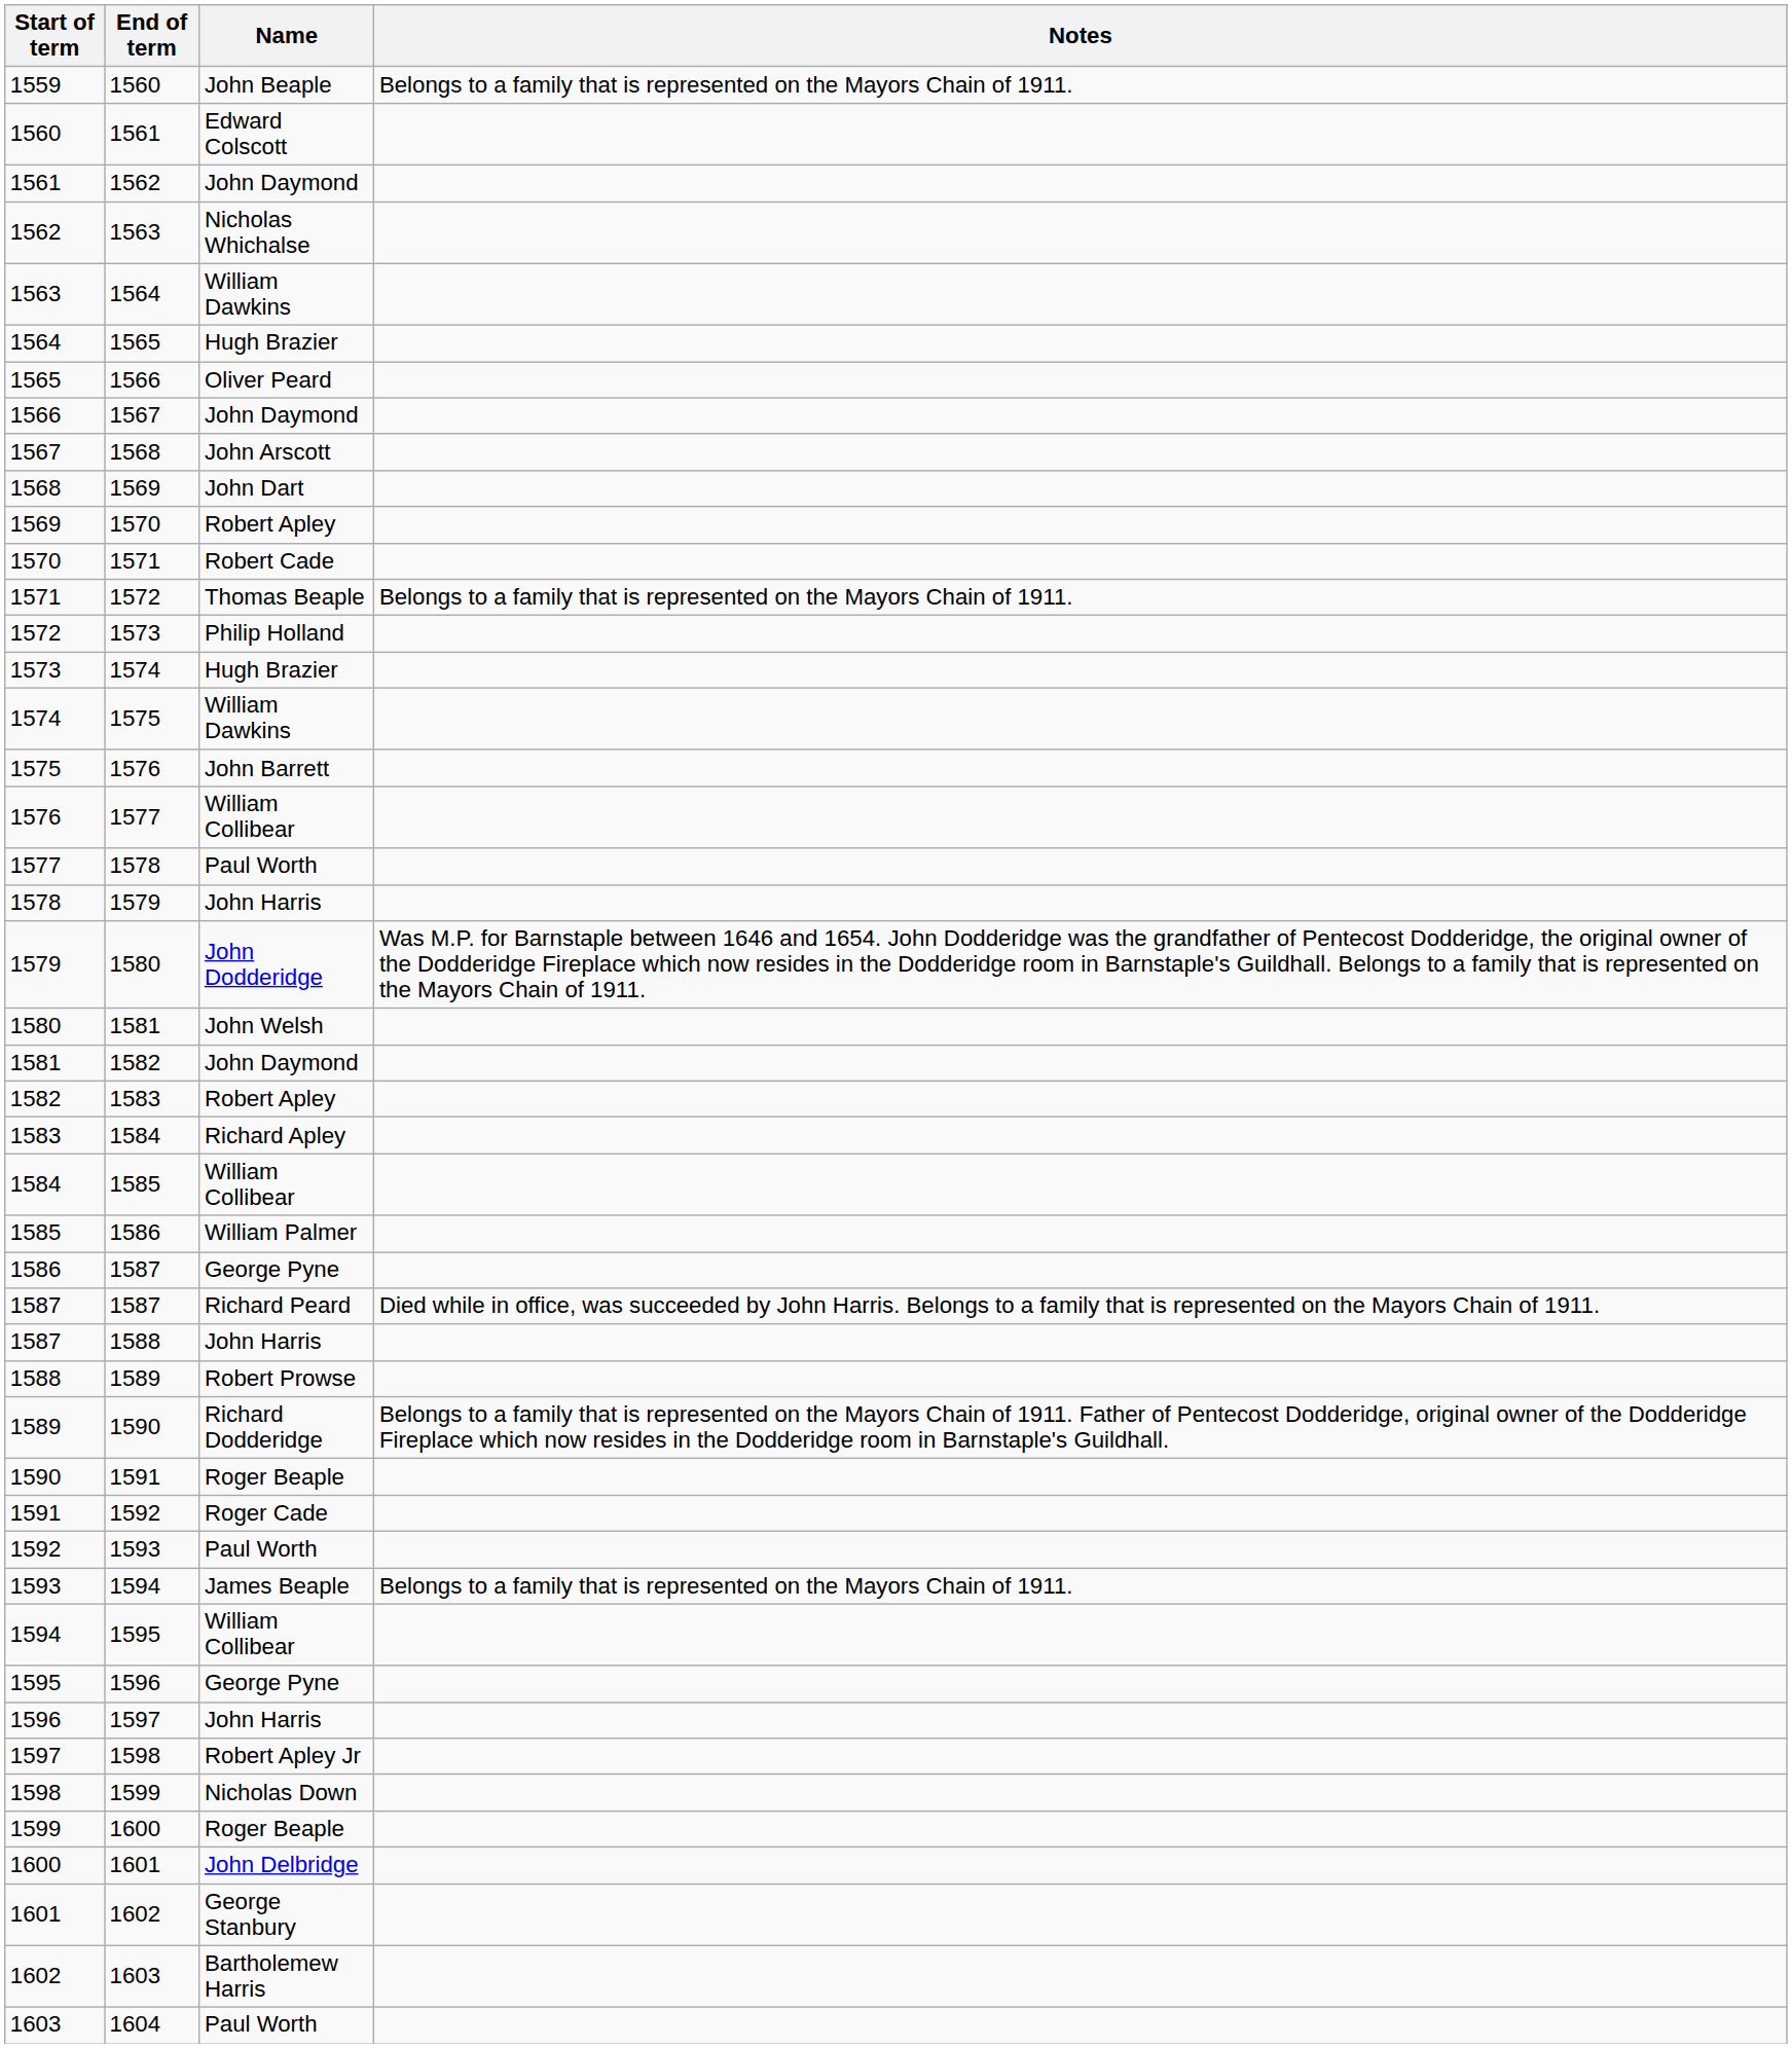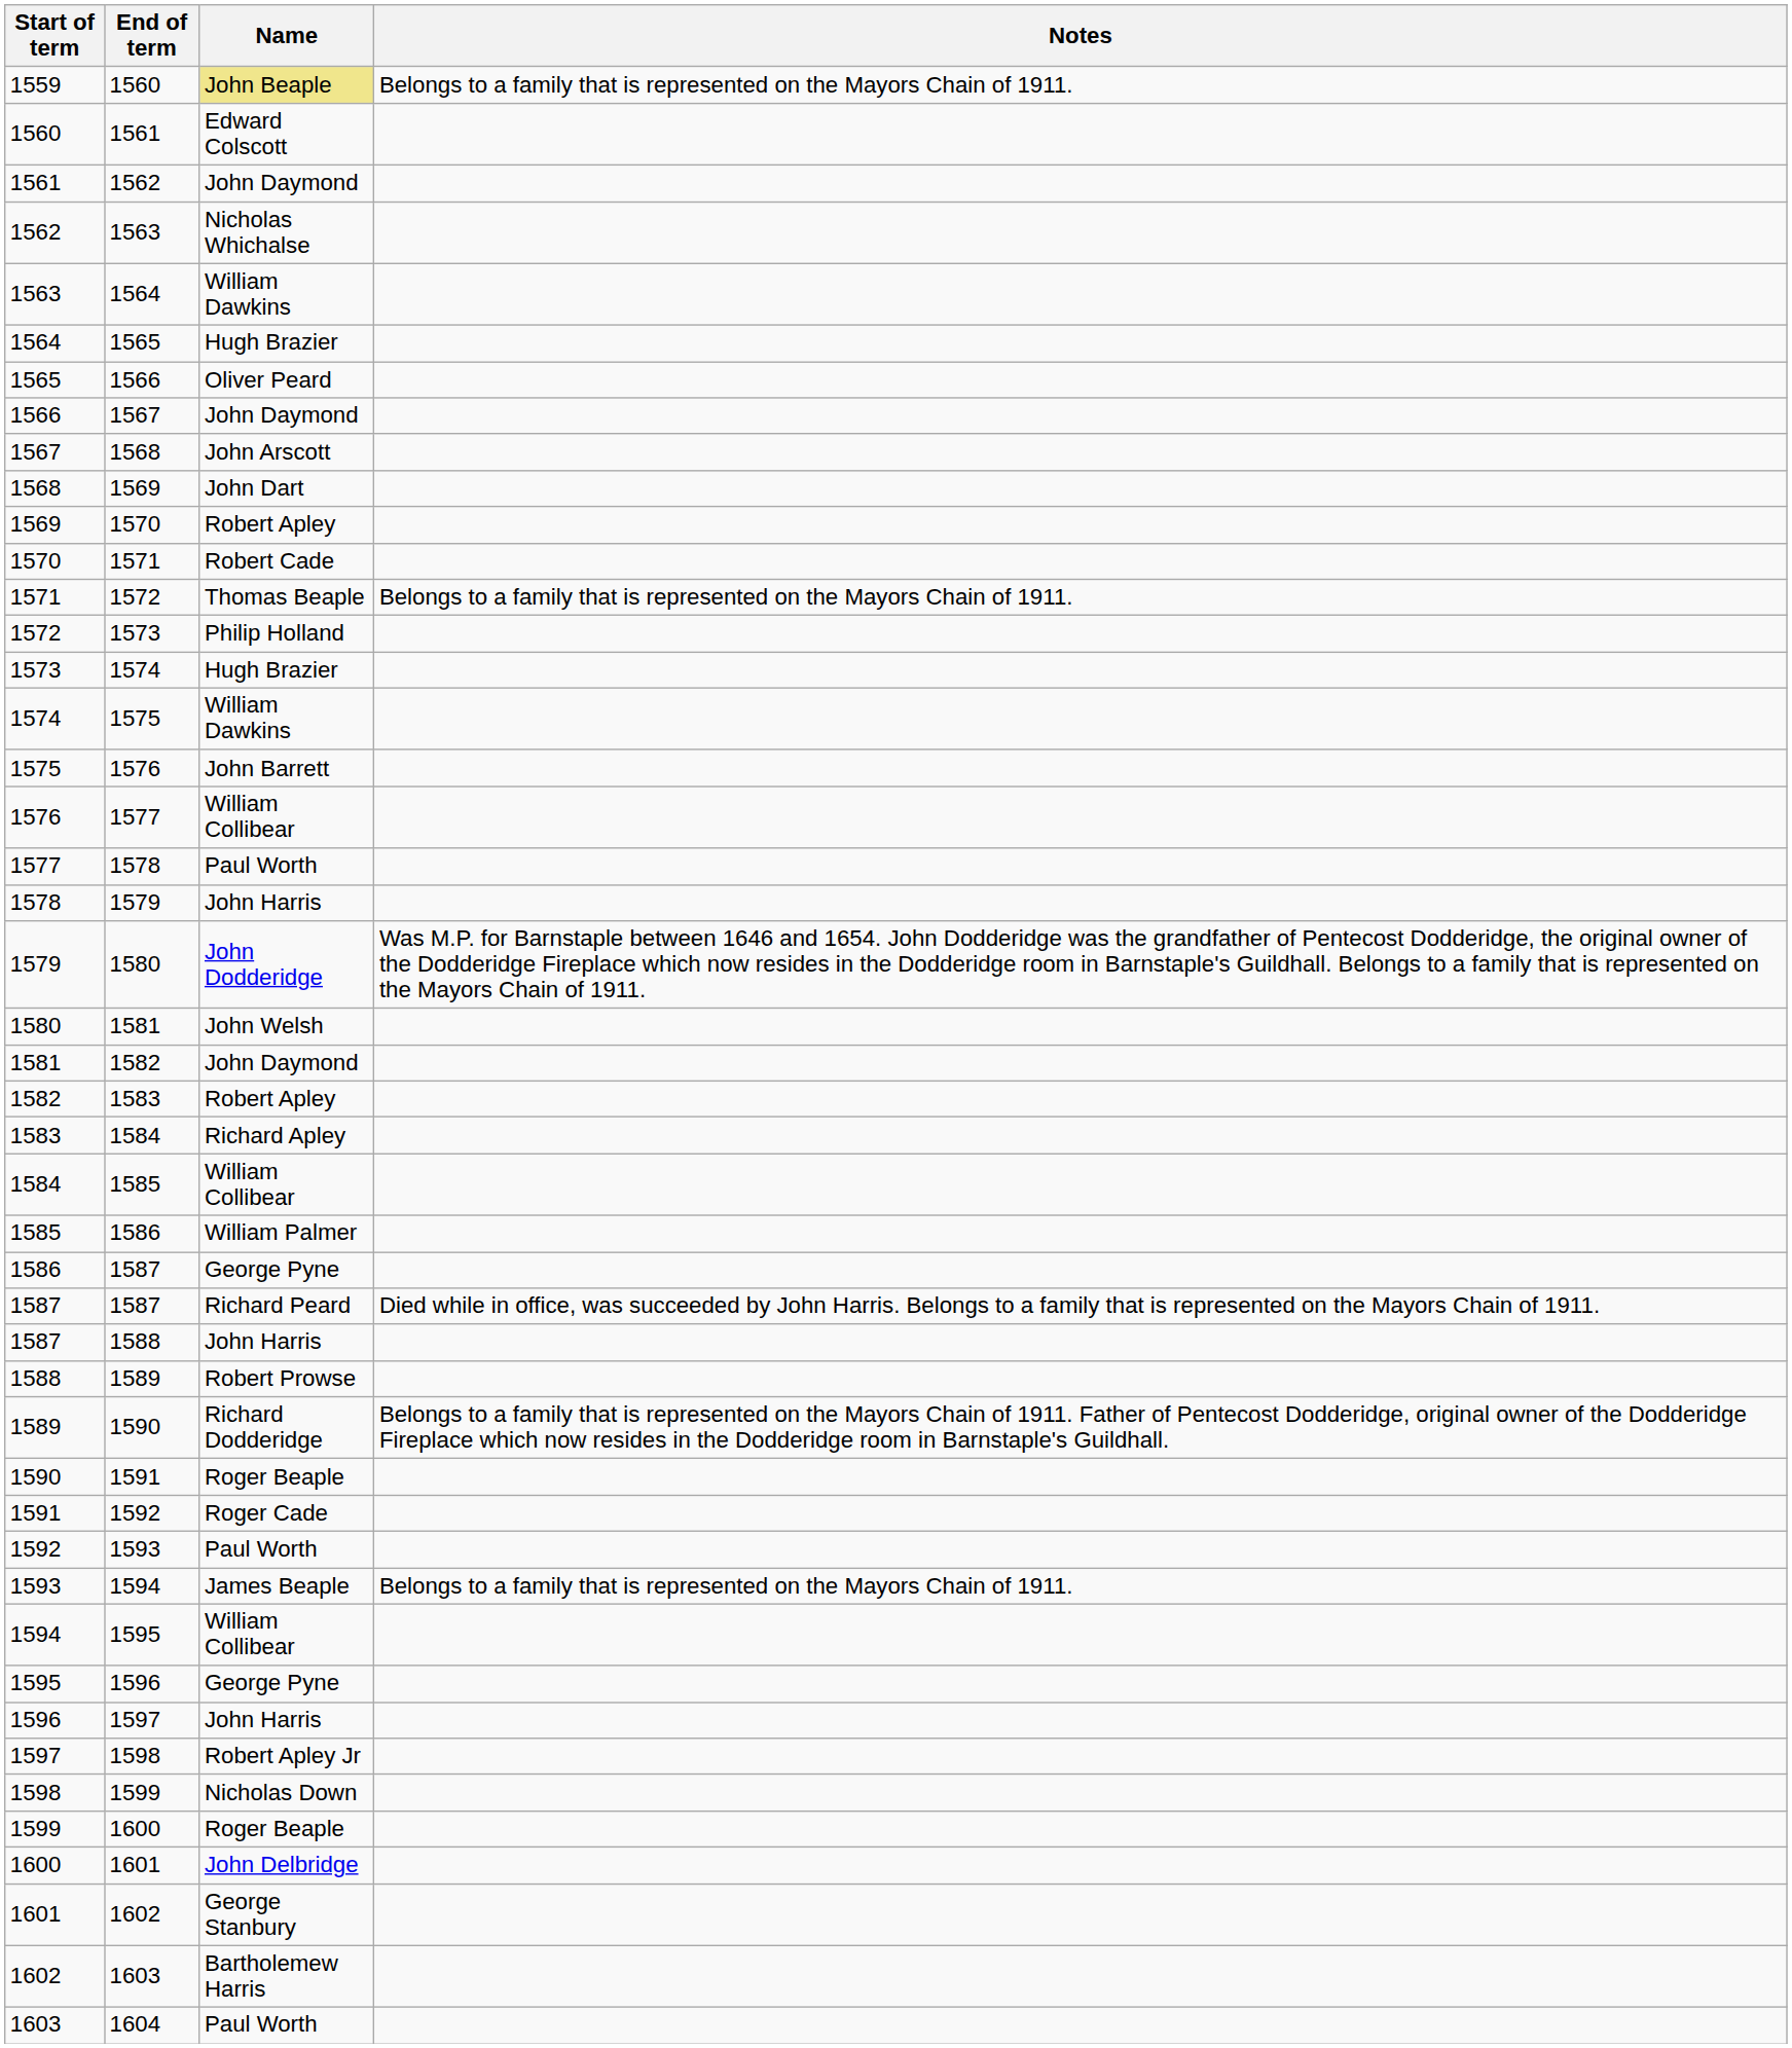 <table class="wikitable mw-collapsible mw-collapsed">
 <tr>
 <th>Start of term</th>
 <th>End of term</th>
 <th>Name</th>
 <th>Notes</th>
 </tr>
 <tr>
 <td>1559</td>
 <td>1560</td>
-<td>John Beaple</td>
+<td style="background: khaki;">John Beaple</td>
 <td>Belongs to a family that is represented on the Mayors Chain of 1911.</td>
 </tr>
 <tr>
 <td>1560</td>
 <td>1561</td>
 <td>Edward Colscott</td>
 <td></td>
 </tr>
 <tr>
 <td>1561</td>
 <td>1562</td>
 <td>John Daymond</td>
 <td></td>
 </tr>
 <tr>
 <td>1562</td>
 <td>1563</td>
 <td>Nicholas Whichalse</td>
 <td></td>
 </tr>
 <tr>
 <td>1563</td>
 <td>1564</td>
 <td>William Dawkins</td>
 <td></td>
 </tr>
 <tr>
 <td>1564</td>
 <td>1565</td>
 <td>Hugh Brazier</td>
 <td></td>
 </tr>
 <tr>
 <td>1565</td>
 <td>1566</td>
 <td>Oliver Peard</td>
 <td></td>
 </tr>
 <tr>
 <td>1566</td>
 <td>1567</td>
 <td>John Daymond</td>
 <td></td>
 </tr>
 <tr>
 <td>1567</td>
 <td>1568</td>
 <td>John Arscott</td>
 <td></td>
 </tr>
 <tr>
 <td>1568</td>
 <td>1569</td>
 <td>John Dart</td>
 <td></td>
 </tr>
 <tr>
 <td>1569</td>
 <td>1570</td>
 <td>Robert Apley</td>
 <td></td>
 </tr>
 <tr>
 <td>1570</td>
 <td>1571</td>
 <td>Robert Cade</td>
 <td></td>
 </tr>
 <tr>
 <td>1571</td>
 <td>1572</td>
 <td>Thomas Beaple</td>
 <td>Belongs to a family that is represented on the Mayors Chain of 1911.</td>
 </tr>
 <tr>
 <td>1572</td>
 <td>1573</td>
 <td>Philip Holland</td>
 <td></td>
 </tr>
 <tr>
 <td>1573</td>
 <td>1574</td>
 <td>Hugh Brazier</td>
 <td></td>
 </tr>
 <tr>
 <td>1574</td>
 <td>1575</td>
 <td>William Dawkins</td>
 <td></td>
 </tr>
 <tr>
 <td>1575</td>
 <td>1576</td>
 <td>John Barrett</td>
 <td></td>
 </tr>
 <tr>
 <td>1576</td>
 <td>1577</td>
 <td>William Collibear</td>
 <td></td>
 </tr>
 <tr>
 <td>1577</td>
 <td>1578</td>
 <td>Paul Worth</td>
 <td></td>
 </tr>
 <tr>
 <td>1578</td>
 <td>1579</td>
 <td>John Harris</td>
 <td></td>
 </tr>
 <tr>
 <td>1579</td>
 <td>1580</td>
 <td><a href='#'>John Dodderidge</a></td>
 <td>Was M.P. for Barnstaple between 1646 and 1654. John Dodderidge was the grandfather of Pentecost Dodderidge, the original owner of the Dodderidge Fireplace which now resides in the Dodderidge room in Barnstaple's Guildhall. Belongs to a family that is represented on the Mayors Chain of 1911.</td>
 </tr>
 <tr>
 <td>1580</td>
 <td>1581</td>
 <td>John Welsh</td>
 <td></td>
 </tr>
 <tr>
 <td>1581</td>
 <td>1582</td>
 <td>John Daymond</td>
 <td></td>
 </tr>
 <tr>
 <td>1582</td>
 <td>1583</td>
 <td>Robert Apley</td>
 <td></td>
 </tr>
 <tr>
 <td>1583</td>
 <td>1584</td>
 <td>Richard Apley</td>
 <td></td>
 </tr>
 <tr>
 <td>1584</td>
 <td>1585</td>
 <td>William Collibear</td>
 <td></td>
 </tr>
 <tr>
 <td>1585</td>
 <td>1586</td>
 <td>William Palmer</td>
 <td></td>
 </tr>
 <tr>
 <td>1586</td>
 <td>1587</td>
 <td>George Pyne</td>
 <td></td>
 </tr>
 <tr>
 <td>1587</td>
 <td>1587</td>
 <td>Richard Peard</td>
 <td>Died while in office, was succeeded by John Harris. Belongs to a family that is represented on the Mayors Chain of 1911.</td>
 </tr>
 <tr>
 <td>1587</td>
 <td>1588</td>
 <td>John Harris</td>
 <td></td>
 </tr>
 <tr>
 <td>1588</td>
 <td>1589</td>
 <td>Robert Prowse</td>
 <td></td>
 </tr>
 <tr>
 <td>1589</td>
 <td>1590</td>
 <td>Richard Dodderidge</td>
 <td>Belongs to a family that is represented on the Mayors Chain of 1911. Father of Pentecost Dodderidge, original owner of the Dodderidge Fireplace which now resides in the Dodderidge room in Barnstaple's Guildhall.</td>
 </tr>
 <tr>
 <td>1590</td>
 <td>1591</td>
 <td>Roger Beaple</td>
 <td></td>
 </tr>
 <tr>
 <td>1591</td>
 <td>1592</td>
 <td>Roger Cade</td>
 <td></td>
 </tr>
 <tr>
 <td>1592</td>
 <td>1593</td>
 <td>Paul Worth</td>
 <td></td>
 </tr>
 <tr>
 <td>1593</td>
 <td>1594</td>
 <td>James Beaple</td>
 <td>Belongs to a family that is represented on the Mayors Chain of 1911.</td>
 </tr>
 <tr>
 <td>1594</td>
 <td>1595</td>
 <td>William Collibear</td>
 <td></td>
 </tr>
 <tr>
 <td>1595</td>
 <td>1596</td>
 <td>George Pyne</td>
 <td></td>
 </tr>
 <tr>
 <td>1596</td>
 <td>1597</td>
 <td>John Harris</td>
 <td></td>
 </tr>
 <tr>
 <td>1597</td>
 <td>1598</td>
 <td>Robert Apley Jr</td>
 <td></td>
 </tr>
 <tr>
 <td>1598</td>
 <td>1599</td>
 <td>Nicholas Down</td>
 <td></td>
 </tr>
 <tr>
 <td>1599</td>
 <td>1600</td>
 <td>Roger Beaple</td>
 <td></td>
 </tr>
 <tr>
 <td>1600</td>
 <td>1601</td>
 <td><a href='#'>John Delbridge</a></td>
 <td></td>
 </tr>
 <tr>
 <td>1601</td>
 <td>1602</td>
 <td>George Stanbury</td>
 <td></td>
 </tr>
 <tr>
 <td>1602</td>
 <td>1603</td>
 <td>Bartholemew Harris</td>
 <td></td>
 </tr>
 <tr>
 <td>1603</td>
 <td>1604</td>
 <td>Paul Worth</td>
 <td></td>
 </tr>
 </table>
